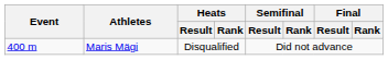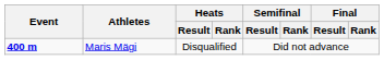 <table class="wikitable" border="1" style="font-size:90%">
 <tr>
 <th rowspan="2" width=100>Event</th>
 <th rowspan="2" width=120>Athletes</th>
 <th colspan="2">Heats</th>
 <th colspan="2">Semifinal</th>
 <th colspan="2">Final</th>
 </tr>
 <tr>
 <th>Result</th>
 <th>Rank</th>
 <th>Result</th>
 <th>Rank</th>
 <th>Result</th>
 <th>Rank</th>
 </tr>
 <tr>
-<td><a href='#'>400 m</a></td>
+<td><strong><a href='#'>400 m</a></strong></td>
 <td><a href='#'>Maris Mägi</a></td>
 <td align=center colspan="2">Disqualified</td>
 <td align=center colspan="4">Did not advance</td>
 </tr>
 </table>
